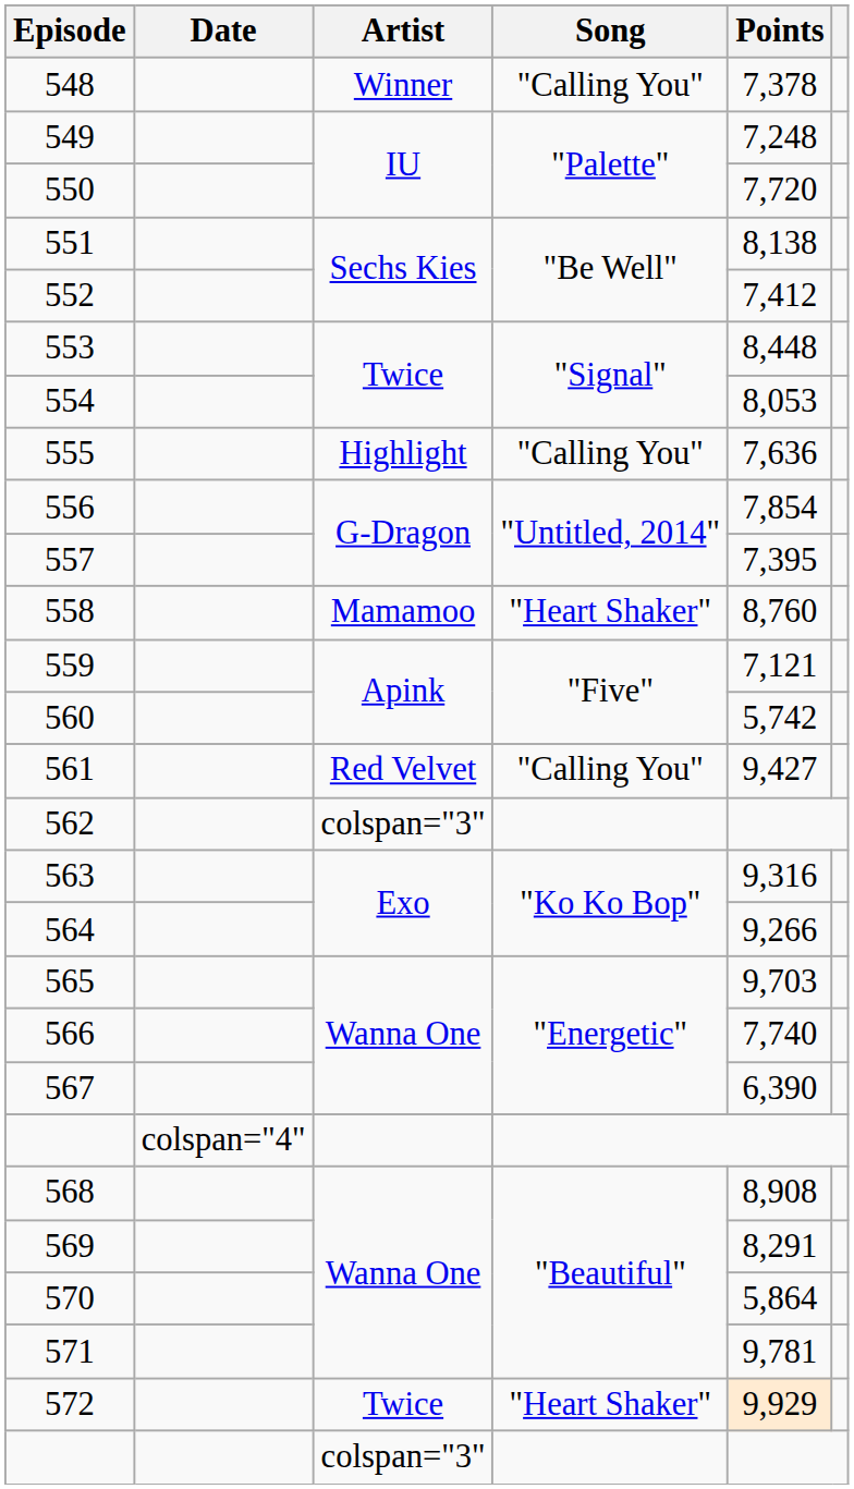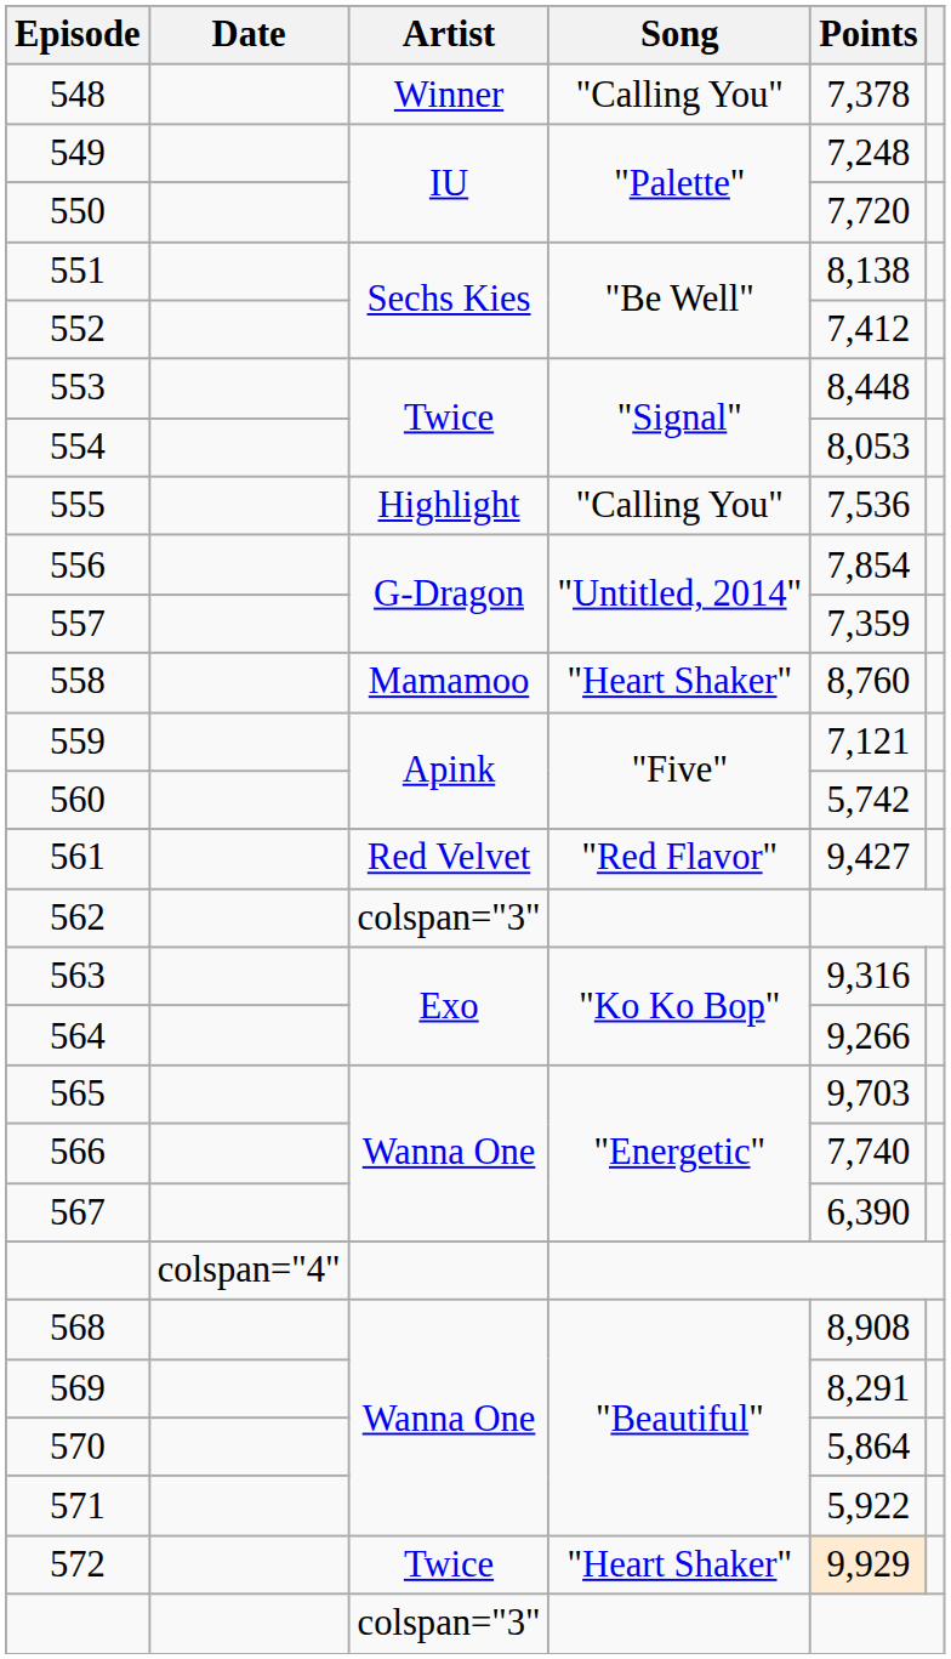 <table class="sortable wikitable" style="text-align:center">
 <tr>
 <th>Episode</th>
 <th>Date</th>
 <th>Artist</th>
 <th>Song</th>
 <th>Points</th>
 <th class="unsortable"></th>
 </tr>
 <tr>
 <td>548</td>
 <td></td>
 <td><a href='#'>Winner</a></td>
 <td>"Calling You"</td>
 <td>7,378</td>
 <td></td>
 </tr>
 <tr>
 <td>549</td>
 <td></td>
 <td rowspan="2"><a href='#'>IU</a></td>
 <td rowspan="2">"<a href='#'>Palette</a>"</td>
 <td>7,248</td>
 <td></td>
 </tr>
 <tr>
 <td>550</td>
 <td></td>
 <td>7,720</td>
 <td></td>
 </tr>
 <tr>
 <td>551</td>
 <td></td>
 <td rowspan="2"><a href='#'>Sechs Kies</a></td>
 <td rowspan="2">"Be Well"</td>
 <td>8,138</td>
 <td></td>
 </tr>
 <tr>
 <td>552</td>
 <td></td>
 <td>7,412</td>
 <td></td>
 </tr>
 <tr>
 <td>553</td>
 <td></td>
 <td rowspan="2"><a href='#'>Twice</a></td>
 <td rowspan="2">"<a href='#'>Signal</a>"</td>
 <td>8,448</td>
 <td></td>
 </tr>
 <tr>
 <td>554</td>
 <td></td>
 <td>8,053</td>
 <td></td>
 </tr>
 <tr>
 <td>555</td>
 <td></td>
 <td><a href='#'>Highlight</a></td>
 <td>"Calling You"</td>
-<td>7,636</td>
+<td>7,536</td>
 <td></td>
 </tr>
 <tr>
 <td>556</td>
 <td></td>
 <td rowspan="2"><a href='#'>G-Dragon</a></td>
 <td rowspan="2">"<a href='#'>Untitled, 2014</a>"</td>
 <td>7,854</td>
 <td></td>
 </tr>
 <tr>
 <td>557</td>
 <td></td>
-<td>7,395</td>
+<td>7,359</td>
 <td></td>
 </tr>
 <tr>
 <td>558</td>
 <td></td>
 <td><a href='#'>Mamamoo</a></td>
 <td>"<a href='#'>Heart Shaker</a>"</td>
 <td>8,760</td>
 <td></td>
 </tr>
 <tr>
 <td>559</td>
 <td></td>
 <td rowspan="2"><a href='#'>Apink</a></td>
 <td rowspan="2">"Five"</td>
 <td>7,121</td>
 <td></td>
 </tr>
 <tr>
 <td>560</td>
 <td></td>
 <td>5,742</td>
 <td></td>
 </tr>
 <tr>
 <td>561</td>
 <td></td>
 <td><a href='#'>Red Velvet</a></td>
-<td>"Calling You"</td>
+<td>"<a href='#'>Red Flavor</a>"</td>
 <td>9,427</td>
 <td></td>
 </tr>
 <tr>
 <td>562</td>
 <td></td>
 <td>colspan="3" </td>
 <td></td>
 </tr>
 <tr>
 <td>563</td>
 <td></td>
 <td rowspan="2"><a href='#'>Exo</a></td>
 <td rowspan="2">"<a href='#'>Ko Ko Bop</a>"</td>
 <td>9,316</td>
 <td></td>
 </tr>
 <tr>
 <td>564</td>
 <td></td>
 <td>9,266</td>
 <td></td>
 </tr>
 <tr>
 <td>565</td>
 <td></td>
 <td rowspan="3"><a href='#'>Wanna One</a></td>
 <td rowspan="3">"<a href='#'>Energetic</a>"</td>
 <td>9,703</td>
 <td></td>
 </tr>
 <tr>
 <td>566</td>
 <td></td>
 <td>7,740</td>
 <td></td>
 </tr>
 <tr>
 <td>567</td>
 <td></td>
 <td>6,390</td>
 <td></td>
 </tr>
 <tr>
 <td></td>
 <td>colspan="4" </td>
 <td></td>
 </tr>
 <tr>
 <td>568</td>
 <td></td>
 <td rowspan="4"><a href='#'>Wanna One</a></td>
 <td rowspan="4">"<a href='#'>Beautiful</a>"</td>
 <td>8,908</td>
 <td></td>
 </tr>
 <tr>
 <td>569</td>
 <td></td>
 <td>8,291</td>
 <td></td>
 </tr>
 <tr>
 <td>570</td>
 <td></td>
 <td>5,864</td>
 <td></td>
 </tr>
 <tr>
 <td>571</td>
 <td></td>
-<td>9,781</td>
+<td>5,922</td>
 <td></td>
 </tr>
 <tr>
 <td>572</td>
 <td></td>
 <td><a href='#'>Twice</a></td>
 <td>"<a href='#'>Heart Shaker</a>"</td>
 <td style="background:#ffebd2;">9,929</td>
 <td></td>
 </tr>
 <tr>
 <td></td>
 <td></td>
 <td>colspan="3" </td>
 <td></td>
 </tr>
 </table>
